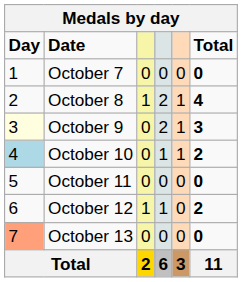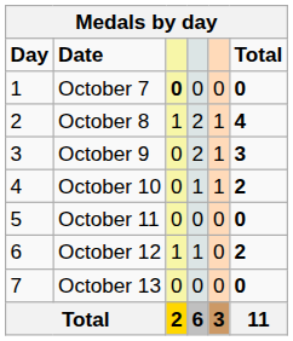 <table class=wikitable style="font-size:95%;">
 <tr>
 <th colspan=7><strong>Medals by day</strong></th>
 </tr>
 <tr>
 <td><strong>Day</strong></td>
 <td><strong>Date</strong></td>
 <td bgcolor=F7F6A8></td>
 <td bgcolor=DCE5E5></td>
 <td bgcolor=FFDAB9></td>
 <td><strong>Total</strong></td>
 </tr>
 <tr>
 <td>1</td>
 <td>October 7</td>
-<td bgcolor=F7F6A8>0</td>
+<td bgcolor=F7F6A8><strong>0</strong></td>
 <td bgcolor=DCE5E5>0</td>
 <td bgcolor=FFDAB9>0</td>
 <td><strong>0</strong></td>
 </tr>
 <tr>
 <td>2</td>
 <td>October 8</td>
 <td bgcolor=F7F6A8>1</td>
 <td bgcolor=DCE5E5>2</td>
 <td bgcolor=FFDAB9>1</td>
 <td><strong>4</strong></td>
 </tr>
 <tr>
-<td style="background: lightyellow;">3</td>
+<td>3</td>
 <td>October 9</td>
 <td bgcolor=F7F6A8>0</td>
 <td bgcolor=DCE5E5>2</td>
 <td bgcolor=FFDAB9>1</td>
 <td><strong>3</strong></td>
 </tr>
 <tr>
-<td style="background: lightblue;">4</td>
+<td>4</td>
 <td>October 10</td>
 <td bgcolor=F7F6A8>0</td>
 <td bgcolor=DCE5E5>1</td>
 <td bgcolor=FFDAB9>1</td>
 <td><strong>2</strong></td>
 </tr>
 <tr>
 <td>5</td>
 <td>October 11</td>
 <td bgcolor=F7F6A8>0</td>
 <td bgcolor=DCE5E5>0</td>
 <td bgcolor=FFDAB9>0</td>
 <td><strong>0</strong></td>
 </tr>
 <tr>
 <td>6</td>
 <td>October 12</td>
 <td bgcolor=F7F6A8>1</td>
 <td bgcolor=DCE5E5>1</td>
 <td bgcolor=FFDAB9>0</td>
 <td><strong>2</strong></td>
 </tr>
 <tr>
-<td style="background: lightsalmon;">7</td>
+<td>7</td>
 <td>October 13</td>
 <td bgcolor=F7F6A8>0</td>
 <td bgcolor=DCE5E5>0</td>
 <td bgcolor=FFDAB9>0</td>
 <td><strong>0</strong></td>
 </tr>
 <tr>
 <th colspan=2>Total</th>
 <th style="background:gold;">2</th>
 <th style="background:silver;">6</th>
 <th style="background:#c96;">3</th>
 <th>11</th>
 </tr>
 </table>
